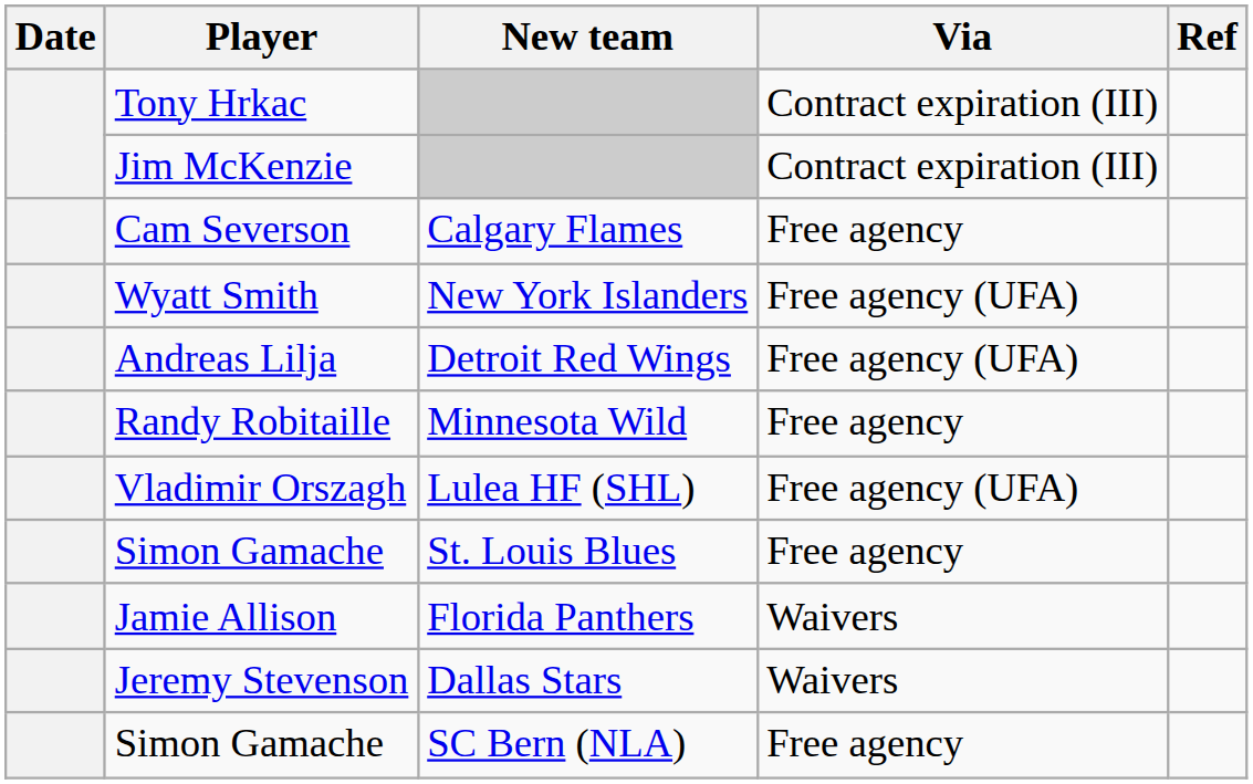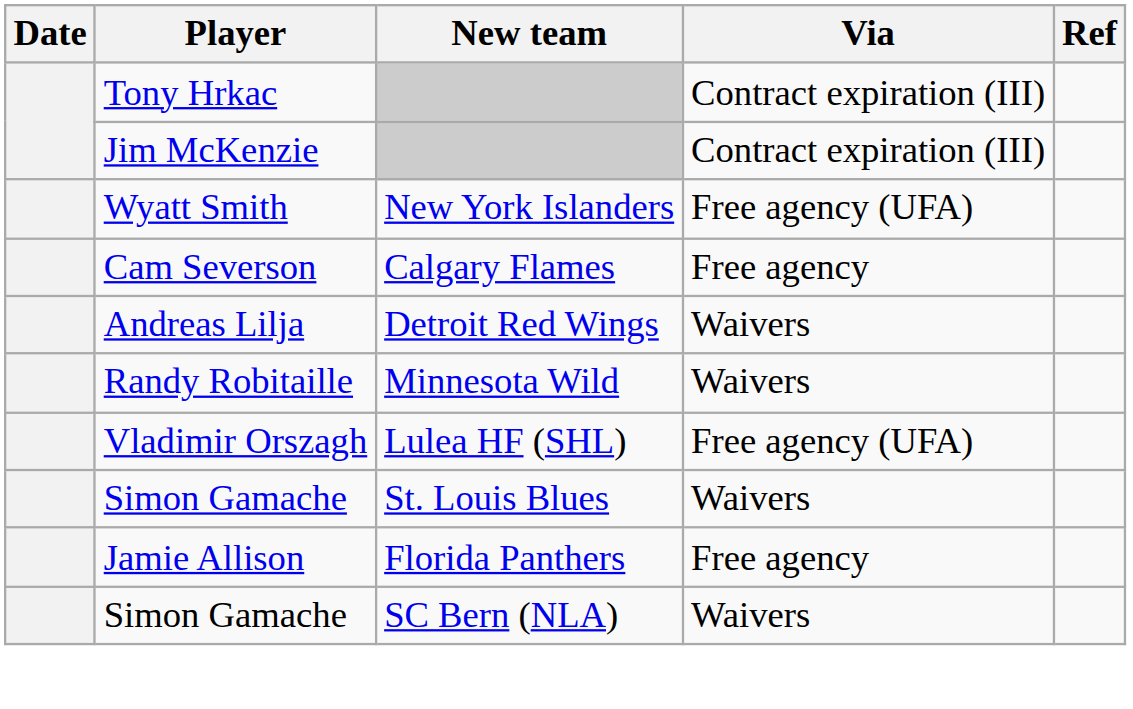 <table class="wikitable plainrowheaders">
 <tr style="background:#ddd; text-align:center;">
 <th>Date</th>
 <th>Player</th>
 <th>New team</th>
 <th>Via</th>
 <th>Ref</th>
 </tr>
 <tr>
 <th scope="row" rowspan=2></th>
 <td><a href='#'>Tony Hrkac</a></td>
 <td style="background:#ccc"></td>
 <td>Contract expiration (III)</td>
 <td></td>
 </tr>
 <tr>
 <td><a href='#'>Jim McKenzie</a></td>
 <td style="background:#ccc"></td>
 <td>Contract expiration (III)</td>
 <td></td>
 </tr>
 <tr>
 <th scope="row"></th>
+<td><a href='#'>Wyatt Smith</a></td>
+<td><a href='#'>New York Islanders</a></td>
+<td>Free agency (UFA)</td>
+<td></td>
+</tr>
+<tr>
+<th scope="row"></th>
 <td><a href='#'>Cam Severson</a></td>
 <td><a href='#'>Calgary Flames</a></td>
 <td>Free agency</td>
 <td></td>
 </tr>
 <tr>
 <th scope="row"></th>
-<td><a href='#'>Wyatt Smith</a></td>
-<td><a href='#'>New York Islanders</a></td>
-<td>Free agency (UFA)</td>
-<td></td>
-</tr>
-<tr>
-<th scope="row"></th>
 <td><a href='#'>Andreas Lilja</a></td>
 <td><a href='#'>Detroit Red Wings</a></td>
-<td>Free agency (UFA)</td>
+<td>Waivers</td>
 <td></td>
 </tr>
 <tr>
 <th scope="row"></th>
 <td><a href='#'>Randy Robitaille</a></td>
 <td><a href='#'>Minnesota Wild</a></td>
-<td>Free agency</td>
+<td>Waivers</td>
 <td></td>
 </tr>
 <tr>
 <th scope="row"></th>
 <td><a href='#'>Vladimir Orszagh</a></td>
 <td><a href='#'>Lulea HF</a> (<a href='#'>SHL</a>)</td>
 <td>Free agency (UFA)</td>
 <td></td>
 </tr>
 <tr>
 <th scope="row"></th>
 <td><a href='#'>Simon Gamache</a></td>
 <td><a href='#'>St. Louis Blues</a></td>
-<td>Free agency</td>
+<td>Waivers</td>
 <td></td>
 </tr>
 <tr>
 <th scope="row"></th>
 <td><a href='#'>Jamie Allison</a></td>
 <td><a href='#'>Florida Panthers</a></td>
-<td>Waivers</td>
-<td></td>
-</tr>
-<tr>
-<th scope="row"></th>
-<td><a href='#'>Jeremy Stevenson</a></td>
-<td><a href='#'>Dallas Stars</a></td>
-<td>Waivers</td>
+<td>Free agency</td>
 <td></td>
 </tr>
 <tr>
 <th scope="row"></th>
 <td>Simon Gamache</td>
 <td><a href='#'>SC Bern</a> (<a href='#'>NLA</a>)</td>
-<td>Free agency</td>
+<td>Waivers</td>
 <td></td>
 </tr>
 </table>
